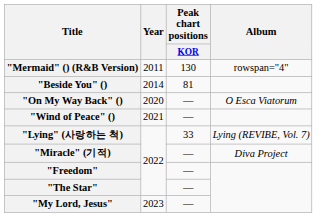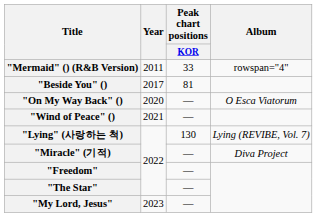 <table class="wikitable plainrowheaders" style="text-align:center;">
 <tr>
 <th rowspan="2" scope="col">Title</th>
 <th rowspan="2" scope="col">Year</th>
 <th>Peak chart positions</th>
 <th rowspan="2" scope="col">Album</th>
 </tr>
 <tr>
 <th scope="col" style="width:2.5em;font-size:90%;"><a href='#'>KOR</a><br></th>
 </tr>
 <tr>
 <th scope="row">"Mermaid" () (R&B Version)<br></th>
 <td>2011</td>
-<td>130</td>
+<td>33</td>
 <td>rowspan="4" </td>
 </tr>
 <tr>
 <th scope="row">"Beside You" ()<br></th>
-<td>2014</td>
+<td>2017</td>
 <td>81</td>
 <td></td>
 </tr>
 <tr>
 <th scope="row">"On My Way Back" ()<br></th>
 <td>2020</td>
 <td>—</td>
 <td><em>O Esca Viatorum</em></td>
 </tr>
 <tr>
 <th scope="row">"Wind of Peace" ()<br></th>
 <td>2021</td>
 <td>—</td>
 <td></td>
 </tr>
 <tr>
 <th scope="row">"Lying" (사랑하는 척)<br></th>
 <td rowspan="4">2022</td>
-<td>33</td>
+<td>130</td>
 <td><em>Lying (REVIBE, Vol. 7)</em></td>
 </tr>
 <tr>
 <th scope="row">"Miracle" (기적)<br></th>
 <td>—</td>
 <td><em>Diva Project</em></td>
 </tr>
 <tr>
 <th scope="row">"Freedom"<br></th>
 <td>—</td>
 </tr>
 <tr>
 <th scope="row">"The Star"<br></th>
 <td>—</td>
 </tr>
 <tr>
 <th scope="row">"My Lord, Jesus"<br></th>
 <td>2023</td>
 <td>—</td>
 </tr>
 </table>
